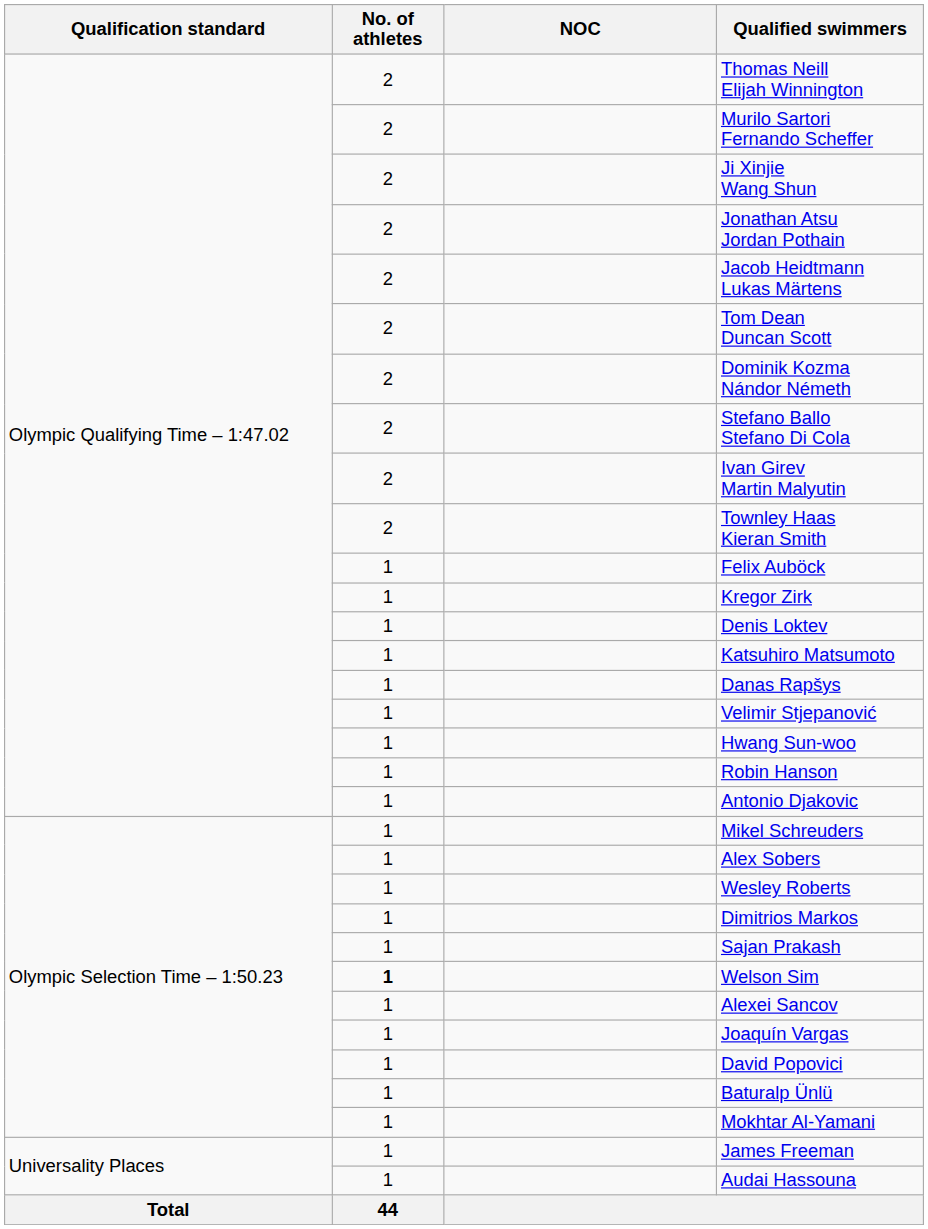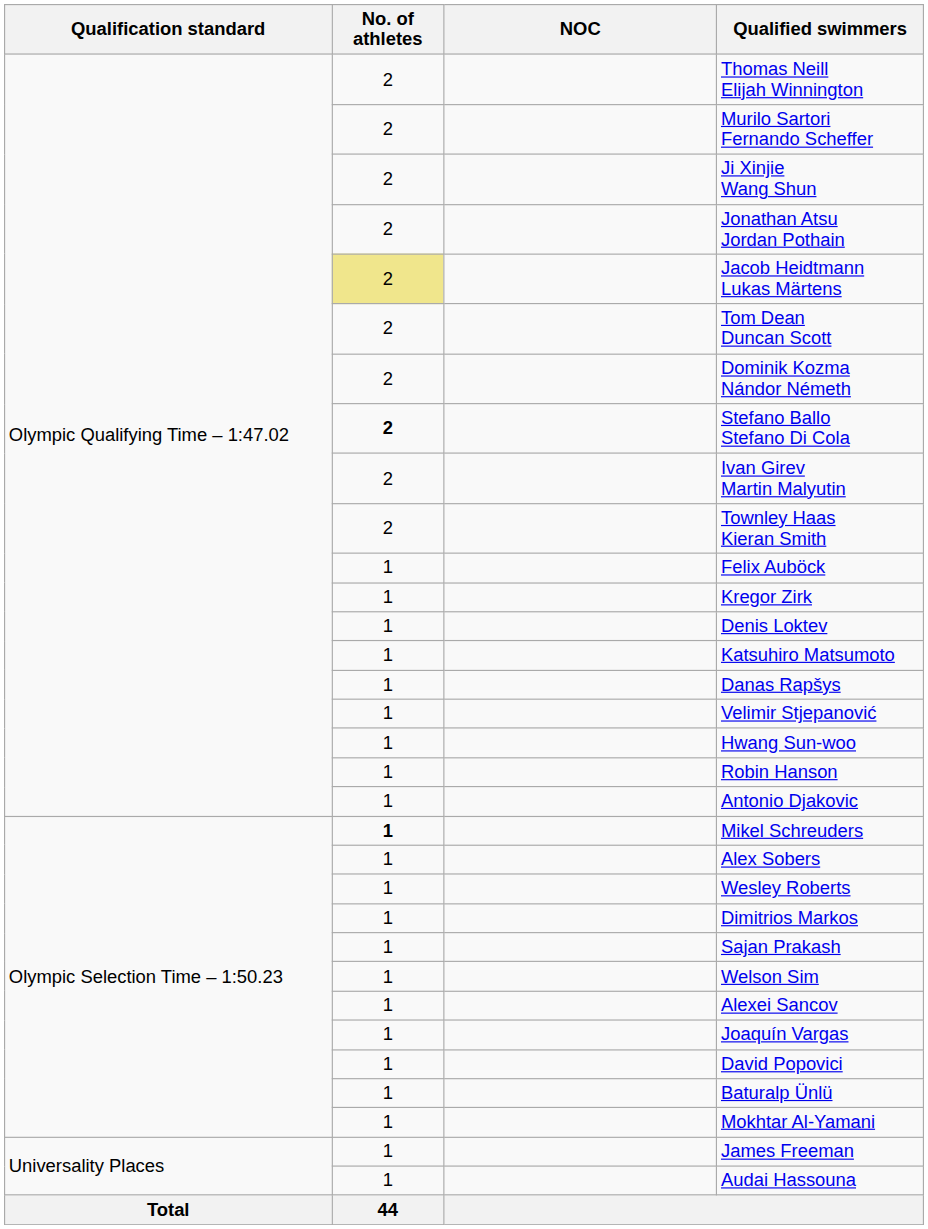 <table class=wikitable style="text-align:left" width=800>
 <tr>
 <th>Qualification standard</th>
 <th width=90>No. of athletes</th>
 <th width=230>NOC</th>
 <th>Qualified swimmers</th>
 </tr>
 <tr>
 <td rowspan="19">Olympic Qualifying Time – 1:47.02</td>
 <td align=center>2</td>
 <td></td>
 <td><a href='#'>Thomas Neill</a><br><a href='#'>Elijah Winnington</a></td>
 </tr>
 <tr>
 <td align=center>2</td>
 <td></td>
 <td><a href='#'>Murilo Sartori</a><br><a href='#'>Fernando Scheffer</a></td>
 </tr>
 <tr>
 <td align=center>2</td>
 <td></td>
 <td><a href='#'>Ji Xinjie</a><br><a href='#'>Wang Shun</a></td>
 </tr>
 <tr>
 <td align=center>2</td>
 <td></td>
 <td><a href='#'>Jonathan Atsu</a><br><a href='#'>Jordan Pothain</a></td>
 </tr>
 <tr>
-<td align=center>2</td>
+<td align=center style="background: khaki;">2</td>
 <td></td>
 <td><a href='#'>Jacob Heidtmann</a><br><a href='#'>Lukas Märtens</a></td>
 </tr>
 <tr>
 <td align=center>2</td>
 <td></td>
 <td><a href='#'>Tom Dean</a><br><a href='#'>Duncan Scott</a></td>
 </tr>
 <tr>
 <td align=center>2</td>
 <td></td>
 <td><a href='#'>Dominik Kozma</a><br><a href='#'>Nándor Németh</a></td>
 </tr>
 <tr>
-<td align=center>2</td>
+<td align=center><strong>2</strong></td>
 <td></td>
 <td><a href='#'>Stefano Ballo</a><br><a href='#'>Stefano Di Cola</a></td>
 </tr>
 <tr>
 <td align=center>2</td>
 <td></td>
 <td><a href='#'>Ivan Girev</a><br><a href='#'>Martin Malyutin</a></td>
 </tr>
 <tr>
 <td align=center>2</td>
 <td></td>
 <td><a href='#'>Townley Haas</a><br><a href='#'>Kieran Smith</a></td>
 </tr>
 <tr>
 <td align=center>1</td>
 <td></td>
 <td><a href='#'>Felix Auböck</a></td>
 </tr>
 <tr>
 <td align=center>1</td>
 <td></td>
 <td><a href='#'>Kregor Zirk</a></td>
 </tr>
 <tr>
 <td align=center>1</td>
 <td></td>
 <td><a href='#'>Denis Loktev</a></td>
 </tr>
 <tr>
 <td align=center>1</td>
 <td></td>
 <td><a href='#'>Katsuhiro Matsumoto</a></td>
 </tr>
 <tr>
 <td align=center>1</td>
 <td></td>
 <td><a href='#'>Danas Rapšys</a></td>
 </tr>
 <tr>
 <td align=center>1</td>
 <td></td>
 <td><a href='#'>Velimir Stjepanović</a></td>
 </tr>
 <tr>
 <td align=center>1</td>
 <td></td>
 <td><a href='#'>Hwang Sun-woo</a></td>
 </tr>
 <tr>
 <td align=center>1</td>
 <td></td>
 <td><a href='#'>Robin Hanson</a></td>
 </tr>
 <tr>
 <td align=center>1</td>
 <td></td>
 <td><a href='#'>Antonio Djakovic</a></td>
 </tr>
 <tr>
 <td rowspan=11>Olympic Selection Time – 1:50.23</td>
-<td align=center>1</td>
+<td align=center><strong>1</strong></td>
 <td></td>
 <td><a href='#'>Mikel Schreuders</a></td>
 </tr>
 <tr>
 <td align=center>1</td>
 <td></td>
 <td><a href='#'>Alex Sobers</a></td>
 </tr>
 <tr>
 <td align=center>1</td>
 <td></td>
 <td><a href='#'>Wesley Roberts</a></td>
 </tr>
 <tr>
 <td align=center>1</td>
 <td></td>
 <td><a href='#'>Dimitrios Markos</a></td>
 </tr>
 <tr>
 <td align=center>1</td>
 <td></td>
 <td><a href='#'>Sajan Prakash</a></td>
 </tr>
 <tr>
-<td align=center><strong>1</strong></td>
+<td align=center>1</td>
 <td></td>
 <td><a href='#'>Welson Sim</a></td>
 </tr>
 <tr>
 <td align=center>1</td>
 <td></td>
 <td><a href='#'>Alexei Sancov</a></td>
 </tr>
 <tr>
 <td align=center>1</td>
 <td></td>
 <td><a href='#'>Joaquín Vargas</a></td>
 </tr>
 <tr>
 <td align=center>1</td>
 <td></td>
 <td><a href='#'>David Popovici</a></td>
 </tr>
 <tr>
 <td align=center>1</td>
 <td></td>
 <td><a href='#'>Baturalp Ünlü</a></td>
 </tr>
 <tr>
 <td align=center>1</td>
 <td></td>
 <td><a href='#'>Mokhtar Al-Yamani</a></td>
 </tr>
 <tr>
 <td rowspan=2>Universality Places</td>
 <td align=center>1</td>
 <td></td>
 <td><a href='#'>James Freeman</a></td>
 </tr>
 <tr>
 <td align=center>1</td>
 <td></td>
 <td><a href='#'>Audai Hassouna</a></td>
 </tr>
 <tr>
 <th><strong>Total</strong></th>
 <th>44</th>
 <th colspan=2></th>
 </tr>
 </table>
